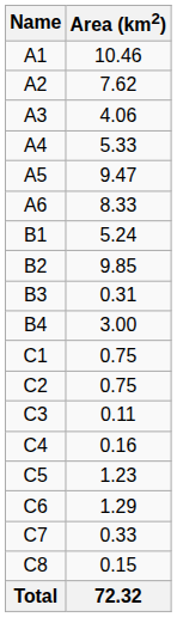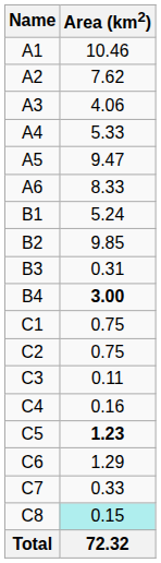 <table class="wikitable" style="text-align:center">
 <tr>
 <th>Name</th>
 <th>Area (km<sup>2</sup>)</th>
 </tr>
 <tr>
 <td>A1</td>
 <td>10.46</td>
 </tr>
 <tr>
 <td>A2</td>
 <td>7.62</td>
 </tr>
 <tr>
 <td>A3</td>
 <td>4.06</td>
 </tr>
 <tr>
 <td>A4</td>
 <td>5.33</td>
 </tr>
 <tr>
 <td>A5</td>
 <td>9.47</td>
 </tr>
 <tr>
 <td>A6</td>
 <td>8.33</td>
 </tr>
 <tr>
 <td>B1</td>
 <td>5.24</td>
 </tr>
 <tr>
 <td>B2</td>
 <td>9.85</td>
 </tr>
 <tr>
 <td>B3</td>
 <td>0.31</td>
 </tr>
 <tr>
 <td>B4</td>
-<td>3.00</td>
+<td><strong>3.00</strong></td>
 </tr>
 <tr>
 <td>C1</td>
 <td>0.75</td>
 </tr>
 <tr>
 <td>C2</td>
 <td>0.75</td>
 </tr>
 <tr>
 <td>C3</td>
 <td>0.11</td>
 </tr>
 <tr>
 <td>C4</td>
 <td>0.16</td>
 </tr>
 <tr>
 <td>C5</td>
-<td>1.23</td>
+<td><strong>1.23</strong></td>
 </tr>
 <tr>
 <td>C6</td>
 <td>1.29</td>
 </tr>
 <tr>
 <td>C7</td>
 <td>0.33</td>
 </tr>
 <tr>
 <td>C8</td>
-<td>0.15</td>
+<td style="background: paleturquoise;">0.15</td>
 </tr>
 <tr>
 <th>Total</th>
 <th>72.32</th>
 </tr>
 </table>
